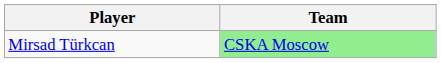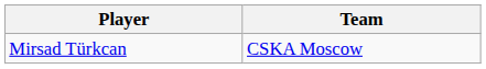 <table class="wikitable" style="text-align: left">
 <tr>
 <th style="width:200px;">Player</th>
 <th style="width:200px;">Team</th>
 </tr>
 <tr>
 <td> <a href='#'>Mirsad Türkcan</a></td>
-<td style="background: lightgreen;"> <a href='#'>CSKA Moscow</a></td>
+<td> <a href='#'>CSKA Moscow</a></td>
 </tr>
 </table>
